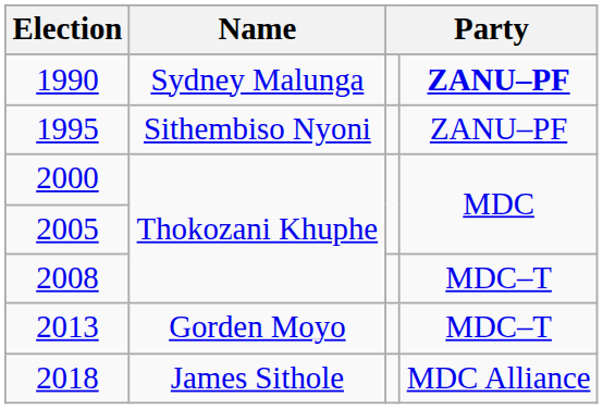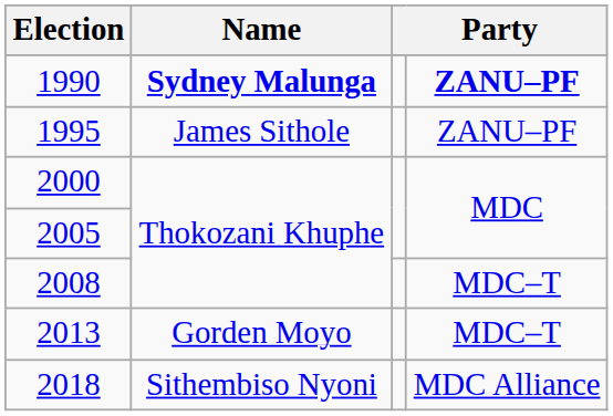 <table class="wikitable" style="text-align:center">
 <tr>
 <th>Election</th>
 <th>Name</th>
 <th colspan="2">Party</th>
 </tr>
 <tr>
 <td><a href='#'>1990</a></td>
-<td><a href='#'>Sydney Malunga</a></td>
+<td><strong><a href='#'>Sydney Malunga</a></strong></td>
 <td style="background-color: "></td>
 <td><strong><a href='#'>ZANU–PF</a></strong></td>
 </tr>
 <tr>
 <td><a href='#'>1995</a></td>
-<td><a href='#'>Sithembiso Nyoni</a></td>
+<td><a href='#'>James Sithole</a></td>
 <td style="background-color: "></td>
 <td><a href='#'>ZANU–PF</a></td>
 </tr>
 <tr>
 <td><a href='#'>2000</a></td>
 <td rowspan="3"><a href='#'>Thokozani Khuphe</a></td>
 <td rowspan="2" style="background-color: "></td>
 <td rowspan="2"><a href='#'>MDC</a></td>
 </tr>
 <tr>
 <td><a href='#'>2005</a></td>
 </tr>
 <tr>
 <td><a href='#'>2008</a></td>
 <td style="background-color: "></td>
 <td><a href='#'>MDC–T</a></td>
 </tr>
 <tr>
 <td><a href='#'>2013</a></td>
 <td><a href='#'>Gorden Moyo</a></td>
 <td style="background-color: "></td>
 <td><a href='#'>MDC–T</a></td>
 </tr>
 <tr>
 <td><a href='#'>2018</a></td>
-<td><a href='#'>James Sithole</a></td>
+<td><a href='#'>Sithembiso Nyoni</a></td>
 <td style="background-color: "></td>
 <td><a href='#'>MDC Alliance</a></td>
 </tr>
 </table>
